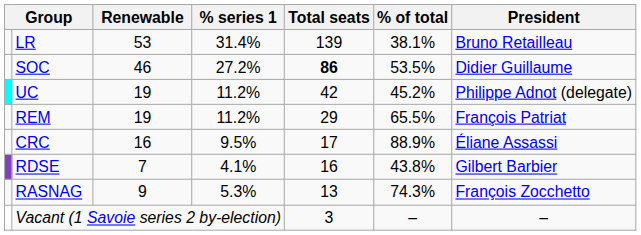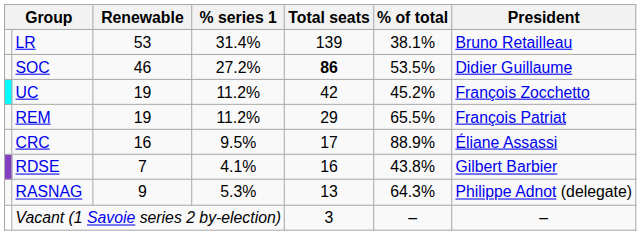 <table class="wikitable" style="font-size:95%;text-align:center;">
 <tr style="background-color:#E9E9E9;">
 <th colspan="2">Group</th>
 <th>Renewable</th>
 <th>% series 1</th>
 <th>Total seats</th>
 <th>% of total</th>
 <th>President</th>
 </tr>
 <tr>
 <td style="background:"></td>
 <td style="text-align:left;"><a href='#'>LR</a></td>
 <td>53</td>
 <td>31.4%</td>
 <td>139</td>
 <td>38.1%</td>
 <td style="text-align:left;"><a href='#'>Bruno Retailleau</a></td>
 </tr>
 <tr>
 <td style="background:"></td>
 <td style="text-align:left;"><a href='#'>SOC</a></td>
 <td>46</td>
 <td>27.2%</td>
 <td><strong>86</strong></td>
 <td>53.5%</td>
 <td style="text-align:left;"><a href='#'>Didier Guillaume</a></td>
 </tr>
 <tr>
 <td style="background:#00FFFF;"></td>
 <td style="text-align:left;"><a href='#'>UC</a></td>
 <td>19</td>
 <td>11.2%</td>
 <td>42</td>
 <td>45.2%</td>
-<td style="text-align:left;"><a href='#'>Philippe Adnot</a> (delegate)</td>
+<td style="text-align:left;"><a href='#'>François Zocchetto</a></td>
 </tr>
 <tr>
 <td style="background:"></td>
 <td style="text-align:left;"><a href='#'>REM</a></td>
 <td>19</td>
 <td>11.2%</td>
 <td>29</td>
 <td>65.5%</td>
 <td style="text-align:left;"><a href='#'>François Patriat</a></td>
 </tr>
 <tr>
 <td style="background:"></td>
 <td style="text-align:left;"><a href='#'>CRC</a></td>
 <td>16</td>
 <td>9.5%</td>
 <td>17</td>
 <td>88.9%</td>
 <td style="text-align:left;"><a href='#'>Éliane Assassi</a></td>
 </tr>
 <tr>
 <td style="background:#8040C0;"></td>
 <td style="text-align:left;"><a href='#'>RDSE</a></td>
 <td>7</td>
 <td>4.1%</td>
 <td>16</td>
 <td>43.8%</td>
 <td style="text-align:left;"><a href='#'>Gilbert Barbier</a></td>
 </tr>
 <tr>
 <td style="background:"></td>
 <td style="text-align:left;"><a href='#'>RASNAG</a></td>
 <td>9</td>
 <td>5.3%</td>
 <td>13</td>
-<td>74.3%</td>
-<td style="text-align:left;"><a href='#'>François Zocchetto</a></td>
+<td>64.3%</td>
+<td style="text-align:left;"><a href='#'>Philippe Adnot</a> (delegate)</td>
 </tr>
 <tr>
 <td style="background:white;"></td>
 <td colspan="3" style="text-align:left;"><em>Vacant (1 <a href='#'>Savoie</a> series 2 by-election)</em></td>
 <td>3</td>
 <td>–</td>
 <td>–</td>
 </tr>
 </table>
